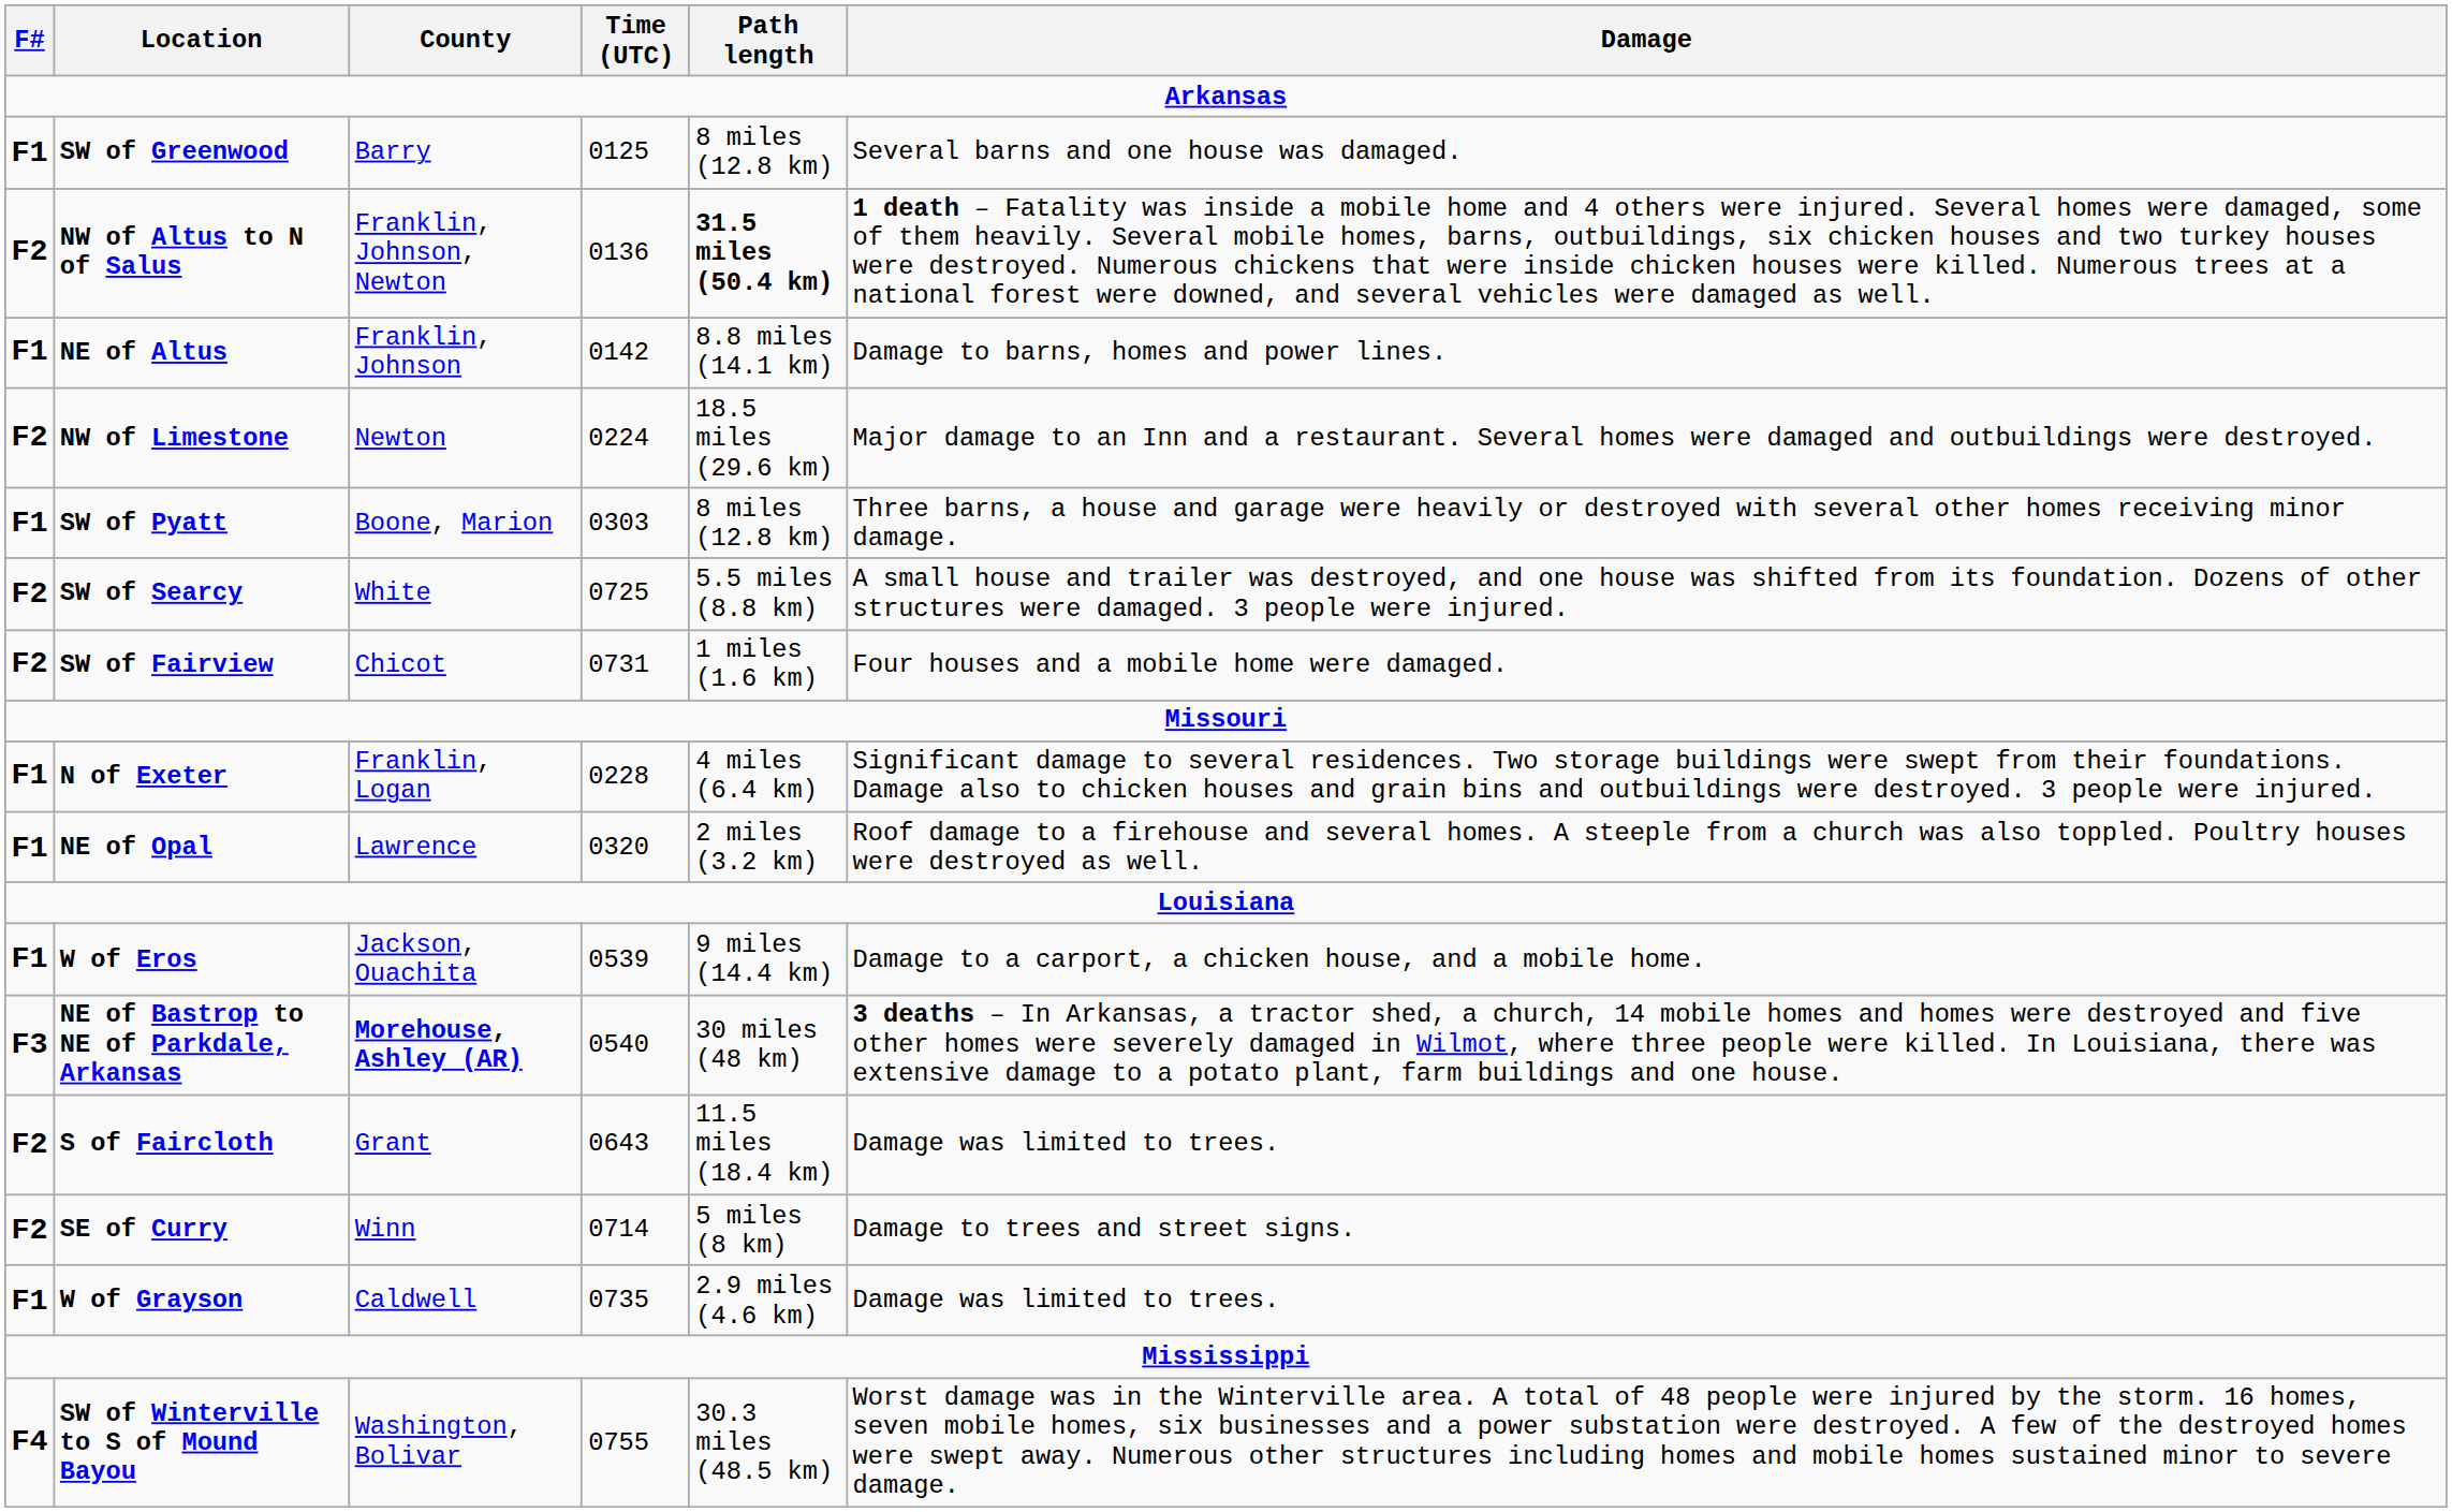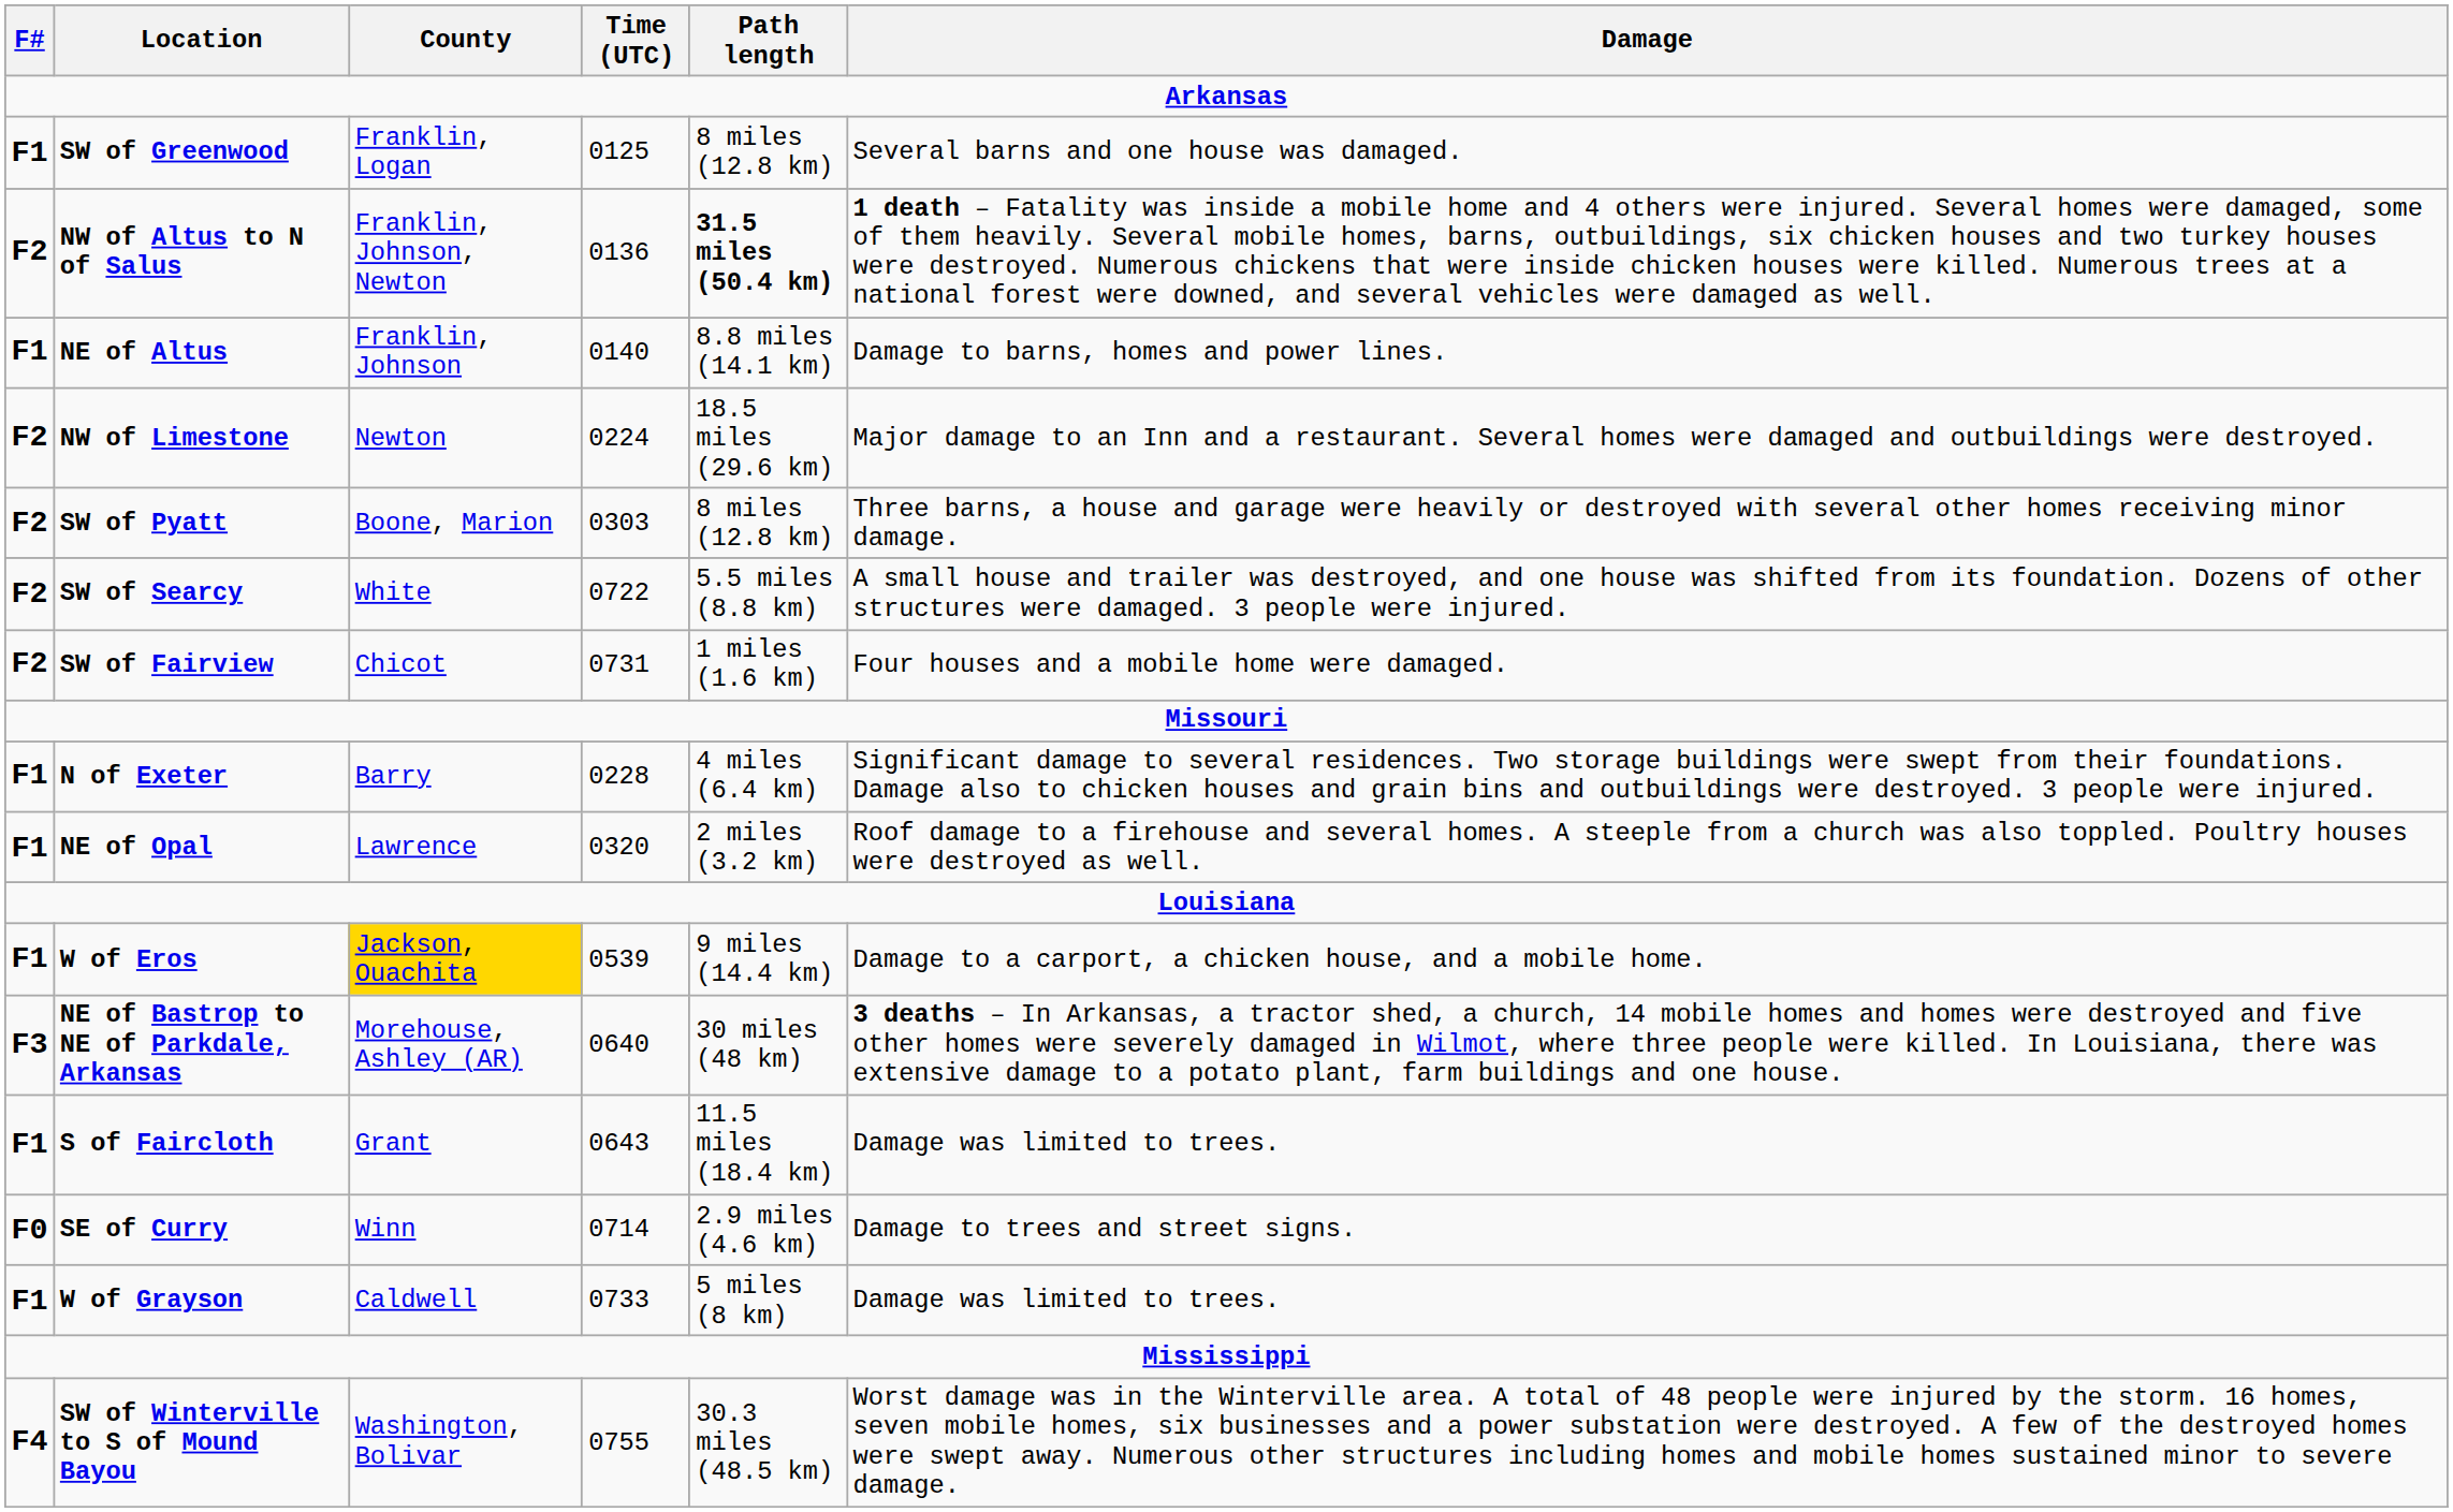 <table class="wikitable">
 <tr>
 <th><strong><a href='#'>F#</a></strong></th>
 <th><strong>Location</strong></th>
 <th><strong>County</strong></th>
 <th><strong>Time (UTC)</strong></th>
 <th><strong>Path length</strong></th>
 <th><strong>Damage</strong></th>
 </tr>
 <tr>
 <td colspan="7" align=center><strong><a href='#'>Arkansas</a></strong></td>
 </tr>
 <tr>
 <td><big><strong>F1</strong></big></td>
 <td><strong>SW of <a href='#'>Greenwood</a></strong></td>
-<td><a href='#'>Barry</a></td>
+<td><a href='#'>Franklin</a>, <a href='#'>Logan</a></td>
 <td>0125</td>
 <td>8 miles <br>(12.8 km)</td>
 <td>Several barns and one house was damaged.</td>
 </tr>
 <tr>
 <td><big><strong>F2</strong></big></td>
 <td><strong>NW of <a href='#'>Altus</a> to N of <a href='#'>Salus</a></strong></td>
 <td><a href='#'>Franklin</a>, <a href='#'>Johnson</a>, <a href='#'>Newton</a></td>
 <td>0136</td>
 <td><strong>31.5 miles <br>(50.4 km)</strong></td>
 <td><strong>1 death</strong> – Fatality was inside a mobile home and 4 others were injured. Several homes were damaged, some of them heavily. Several mobile homes, barns, outbuildings, six chicken houses and two turkey houses were destroyed. Numerous chickens that were inside chicken houses were killed. Numerous trees at a national forest were downed, and several vehicles were damaged as well.</td>
 </tr>
 <tr>
 <td><big><strong>F1</strong></big></td>
 <td><strong>NE of <a href='#'>Altus</a></strong></td>
 <td><a href='#'>Franklin</a>, <a href='#'>Johnson</a></td>
-<td>0142</td>
+<td>0140</td>
 <td>8.8 miles <br>(14.1 km)</td>
 <td>Damage to barns, homes and power lines.</td>
 </tr>
 <tr>
 <td><big><strong>F2</strong></big></td>
 <td><strong>NW of <a href='#'>Limestone</a></strong></td>
 <td><a href='#'>Newton</a></td>
 <td>0224</td>
 <td>18.5 miles <br>(29.6 km)</td>
 <td>Major damage to an Inn and a restaurant. Several homes were damaged and outbuildings were destroyed.</td>
 </tr>
 <tr>
-<td><big><strong>F1</strong></big></td>
+<td><big><strong>F2</strong></big></td>
 <td><strong>SW of <a href='#'>Pyatt</a></strong></td>
 <td><a href='#'>Boone</a>, <a href='#'>Marion</a></td>
 <td>0303</td>
 <td>8 miles <br>(12.8 km)</td>
 <td>Three barns, a house and garage were heavily or destroyed with several other homes receiving minor damage.</td>
 </tr>
 <tr>
 <td><big><strong>F2</strong></big></td>
 <td><strong>SW of <a href='#'>Searcy</a></strong></td>
 <td><a href='#'>White</a></td>
-<td>0725</td>
+<td>0722</td>
 <td>5.5 miles <br>(8.8 km)</td>
 <td>A small house and trailer was destroyed, and one house was shifted from its foundation. Dozens of other structures were damaged. 3 people were injured.</td>
 </tr>
 <tr>
 <td><big><strong>F2</strong></big></td>
 <td><strong>SW of <a href='#'>Fairview</a></strong></td>
 <td><a href='#'>Chicot</a></td>
 <td>0731</td>
 <td>1 miles <br>(1.6 km)</td>
 <td>Four houses and a mobile home were damaged.</td>
 </tr>
 <tr>
 <td colspan="7" align=center><strong><a href='#'>Missouri</a></strong></td>
 </tr>
 <tr>
 <td><big><strong>F1</strong></big></td>
 <td><strong>N of <a href='#'>Exeter</a></strong></td>
-<td><a href='#'>Franklin</a>, <a href='#'>Logan</a></td>
+<td><a href='#'>Barry</a></td>
 <td>0228</td>
 <td>4 miles <br>(6.4 km)</td>
 <td>Significant damage to several residences. Two storage buildings were swept from their foundations. Damage also to chicken houses and grain bins and outbuildings were destroyed. 3 people were injured.</td>
 </tr>
 <tr>
 <td><big><strong>F1</strong></big></td>
 <td><strong>NE of <a href='#'>Opal</a></strong></td>
 <td><a href='#'>Lawrence</a></td>
 <td>0320</td>
 <td>2 miles <br>(3.2 km)</td>
 <td>Roof damage to a firehouse and several homes. A steeple from a church was also toppled. Poultry houses were destroyed as well.</td>
 </tr>
 <tr>
 <td colspan="7" align=center><strong><a href='#'>Louisiana</a></strong></td>
 </tr>
 <tr>
 <td><big><strong>F1</strong></big></td>
 <td><strong>W of <a href='#'>Eros</a></strong></td>
-<td><a href='#'>Jackson</a>, <a href='#'>Ouachita</a></td>
+<td style="background: gold;"><a href='#'>Jackson</a>, <a href='#'>Ouachita</a></td>
 <td>0539</td>
 <td>9 miles <br>(14.4 km)</td>
 <td>Damage to a carport, a chicken house, and a mobile home.</td>
 </tr>
 <tr>
 <td><big><strong>F3</strong></big></td>
 <td><strong>NE of <a href='#'>Bastrop</a> to NE of <a href='#'>Parkdale, Arkansas</a></strong></td>
-<td><strong><a href='#'>Morehouse</a>, <a href='#'>Ashley (AR)</a></strong></td>
-<td>0540</td>
+<td><a href='#'>Morehouse</a>, <a href='#'>Ashley (AR)</a></td>
+<td>0640</td>
 <td>30 miles <br>(48 km)</td>
 <td><strong>3 deaths</strong> – In Arkansas, a tractor shed, a church, 14 mobile homes and homes were destroyed and five other homes were severely damaged in <a href='#'>Wilmot</a>, where three people were killed. In Louisiana, there was extensive damage to a potato plant, farm buildings and one house.</td>
 </tr>
 <tr>
-<td><big><strong>F2</strong></big></td>
+<td><big><strong>F1</strong></big></td>
 <td><strong>S of <a href='#'>Faircloth</a></strong></td>
 <td><a href='#'>Grant</a></td>
 <td>0643</td>
 <td>11.5 miles <br>(18.4 km)</td>
 <td>Damage was limited to trees.</td>
 </tr>
 <tr>
-<td><big><strong>F2</strong></big></td>
+<td><big><strong>F0</strong></big></td>
 <td><strong>SE of <a href='#'>Curry</a></strong></td>
 <td><a href='#'>Winn</a></td>
 <td>0714</td>
-<td>5 miles <br>(8 km)</td>
+<td>2.9 miles <br>(4.6 km)</td>
 <td>Damage to trees and street signs.</td>
 </tr>
 <tr>
 <td><big><strong>F1</strong></big></td>
 <td><strong>W of <a href='#'>Grayson</a></strong></td>
 <td><a href='#'>Caldwell</a></td>
-<td>0735</td>
-<td>2.9 miles <br>(4.6 km)</td>
+<td>0733</td>
+<td>5 miles <br>(8 km)</td>
 <td>Damage was limited to trees.</td>
 </tr>
 <tr>
 <td colspan="7" align=center><strong><a href='#'>Mississippi</a></strong></td>
 </tr>
 <tr>
 <td><big><strong>F4</strong></big></td>
 <td><strong>SW of <a href='#'>Winterville</a> to S of <a href='#'>Mound Bayou</a></strong></td>
 <td><a href='#'>Washington</a>, <a href='#'>Bolivar</a></td>
 <td>0755</td>
 <td>30.3 miles <br>(48.5 km)</td>
 <td>Worst damage was in the Winterville area. A total of 48 people were injured by the storm. 16 homes, seven mobile homes, six businesses and a power substation were destroyed. A few of the destroyed homes were swept away. Numerous other structures including homes and mobile homes sustained minor to severe damage.</td>
 </tr>
 <tr>
 </tr>
 </table>
